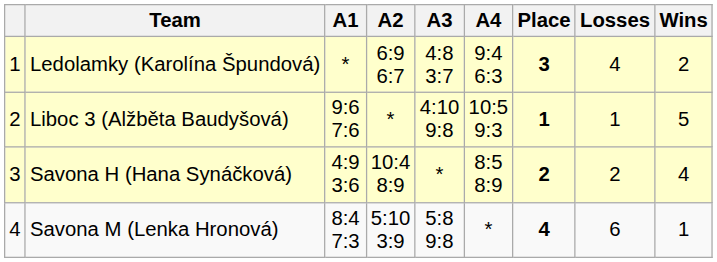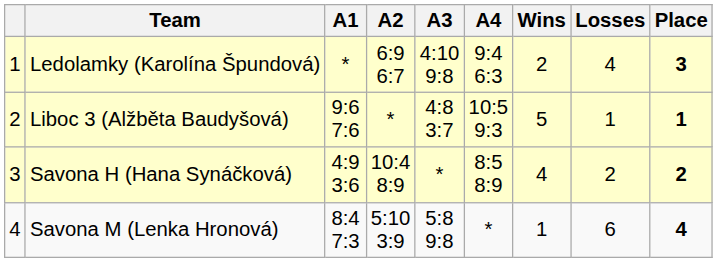 <table class="wikitable" style="text-align:center;">
 <tr>
 <th></th>
 <th>Team</th>
 <th width="25">A1</th>
 <th width="25">A2</th>
 <th width="25">A3</th>
 <th width="25">A4</th>
+<th width="20">Wins</th>
+<th width="20">Losses</th>
 <th>Place</th>
-<th width="20">Losses</th>
-<th width="20">Wins</th>
 </tr>
 <tr bgcolor=#ffc>
 <td>1</td>
 <td align=left>Ledolamky (Karolína Špundová)</td>
 <td>*</td>
 <td>6:9<br> 6:7</td>
-<td>4:8<br> 3:7</td>
+<td>4:10<br> 9:8</td>
 <td>9:4<br> 6:3</td>
+<td>2</td>
+<td>4</td>
 <td><strong>3</strong></td>
-<td>4</td>
-<td>2</td>
 </tr>
 <tr bgcolor=#ffc>
 <td>2</td>
 <td align=left>Liboc 3 (Alžběta Baudyšová)</td>
 <td>9:6<br> 7:6</td>
 <td>*</td>
-<td>4:10<br> 9:8</td>
+<td>4:8<br> 3:7</td>
 <td>10:5<br> 9:3</td>
+<td>5</td>
+<td>1</td>
 <td><strong>1</strong></td>
-<td>1</td>
-<td>5</td>
 </tr>
 <tr bgcolor=#ffc>
 <td>3</td>
 <td align=left>Savona H (Hana Synáčková)</td>
 <td>4:9<br> 3:6</td>
 <td>10:4<br> 8:9</td>
 <td>*</td>
 <td>8:5<br> 8:9</td>
+<td>4</td>
+<td>2</td>
 <td><strong>2</strong></td>
-<td>2</td>
-<td>4</td>
 </tr>
 <tr>
 <td>4</td>
 <td align=left>Savona M (Lenka Hronová)</td>
 <td>8:4<br> 7:3</td>
 <td>5:10<br> 3:9</td>
 <td>5:8<br> 9:8</td>
 <td>*</td>
+<td>1</td>
+<td>6</td>
 <td><strong>4</strong></td>
-<td>6</td>
-<td>1</td>
 </tr>
 </table>
